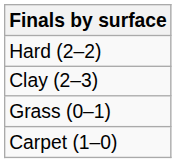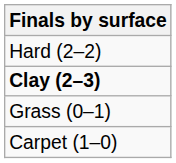 <table class=wikitable style=font-size:90%>
 <tr>
 <th>Finals by surface</th>
 </tr>
 <tr>
 <td>Hard (2–2)</td>
 </tr>
 <tr>
-<td>Clay (2–3)</td>
+<td><strong>Clay (2–3)</strong></td>
 </tr>
 <tr>
 <td>Grass (0–1)</td>
 </tr>
 <tr>
 <td>Carpet (1–0)</td>
 </tr>
 </table>
